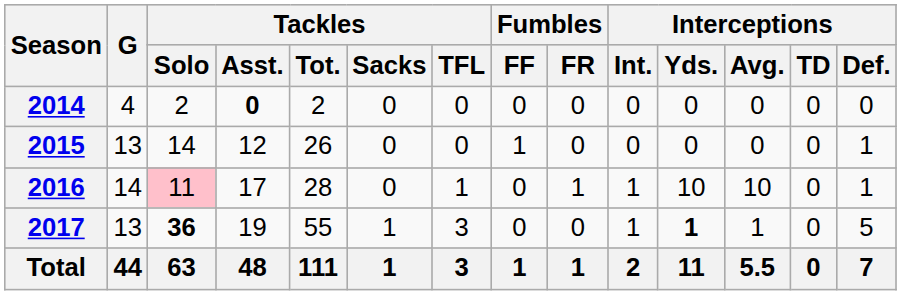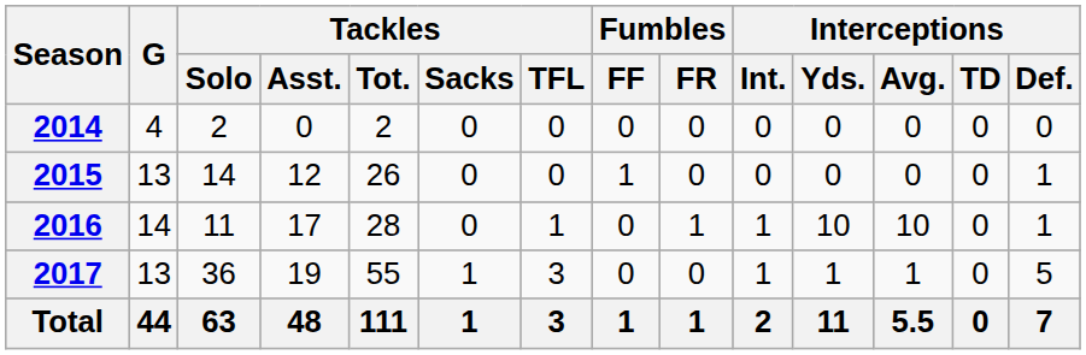 <table class="wikitable"  style="width:auto; text-align:center;">
 <tr>
 <th rowspan=2>Season</th>
 <th rowspan=2>G</th>
 <th colspan=5>Tackles</th>
 <th colspan=2>Fumbles</th>
 <th colspan=5>Interceptions</th>
 </tr>
 <tr>
 <th>Solo</th>
 <th>Asst.</th>
 <th>Tot.</th>
 <th>Sacks</th>
 <th>TFL</th>
 <th>FF</th>
 <th>FR</th>
 <th>Int.</th>
 <th>Yds.</th>
 <th>Avg.</th>
 <th>TD</th>
 <th>Def.</th>
 </tr>
 <tr>
 <th><a href='#'>2014</a></th>
 <td>4</td>
 <td>2</td>
-<td><strong>0</strong></td>
+<td>0</td>
 <td>2</td>
 <td>0</td>
 <td>0</td>
 <td>0</td>
 <td>0</td>
 <td>0</td>
 <td>0</td>
 <td>0</td>
 <td>0</td>
 <td>0</td>
 </tr>
 <tr>
 <th><a href='#'>2015</a></th>
 <td>13</td>
 <td>14</td>
 <td>12</td>
 <td>26</td>
 <td>0</td>
 <td>0</td>
 <td>1</td>
 <td>0</td>
 <td>0</td>
 <td>0</td>
 <td>0</td>
 <td>0</td>
 <td>1</td>
 </tr>
 <tr>
 <th><a href='#'>2016</a></th>
 <td>14</td>
-<td style="background: pink;">11</td>
+<td>11</td>
 <td>17</td>
 <td>28</td>
 <td>0</td>
 <td>1</td>
 <td>0</td>
 <td>1</td>
 <td>1</td>
 <td>10</td>
 <td>10</td>
 <td>0</td>
 <td>1</td>
 </tr>
 <tr>
 <th><a href='#'>2017</a></th>
 <td>13</td>
-<td><strong>36</strong></td>
+<td>36</td>
 <td>19</td>
 <td>55</td>
 <td>1</td>
 <td>3</td>
 <td>0</td>
 <td>0</td>
 <td>1</td>
-<td><strong>1</strong></td>
+<td>1</td>
 <td>1</td>
 <td>0</td>
 <td>5</td>
 </tr>
 <tr>
 <th>Total</th>
 <th>44</th>
 <th>63</th>
 <th>48</th>
 <th>111</th>
 <th>1</th>
 <th>3</th>
 <th>1</th>
 <th>1</th>
 <th>2</th>
 <th>11</th>
 <th>5.5</th>
 <th>0</th>
 <th>7</th>
 </tr>
 </table>
